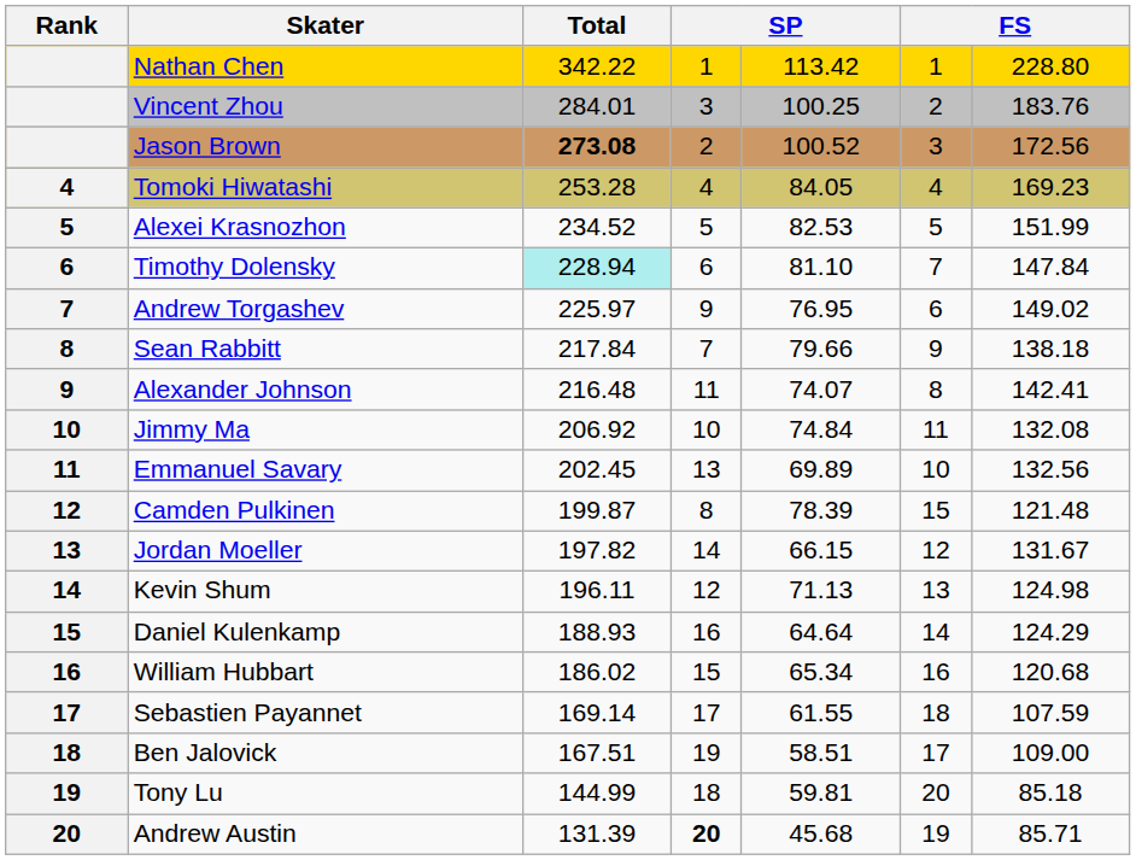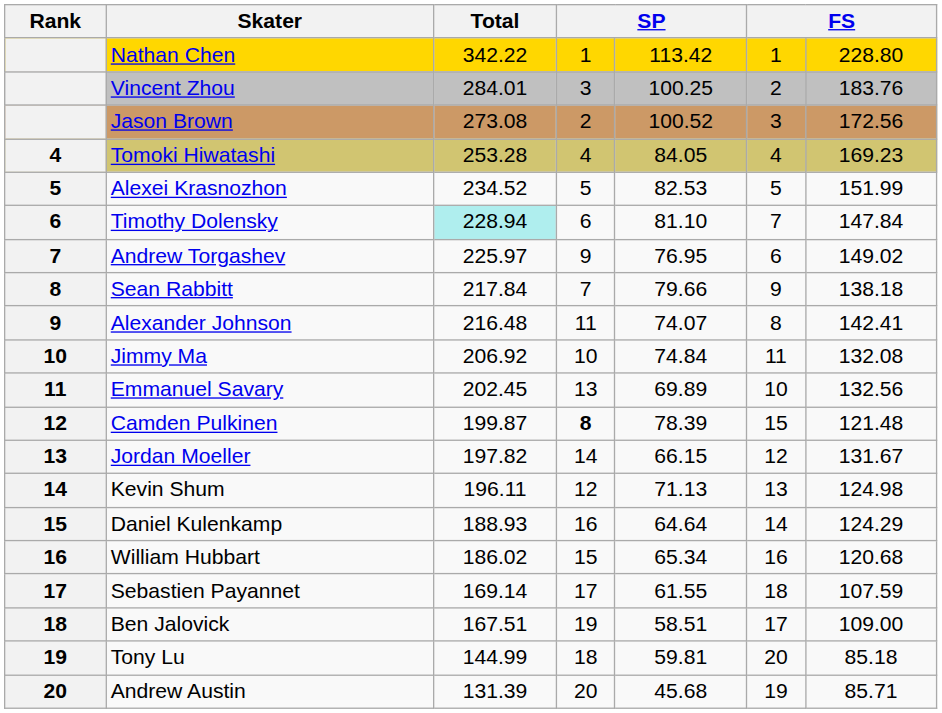 <table class="wikitable sortable" style="text-align:left; width:80%">
 <tr>
 <th scope="col">Rank</th>
 <th scope="col">Skater</th>
 <th scope="col">Total</th>
 <th scope="col" colspan="2" width="80px"><a href='#'>SP</a></th>
 <th scope="col" colspan="2" width="80px"><a href='#'>FS</a></th>
 </tr>
 <tr bgcolor="gold">
 <th scope="row"></th>
 <td><a href='#'>Nathan Chen</a></td>
 <td align="center">342.22</td>
 <td align="center">1</td>
 <td align="center">113.42</td>
 <td align="center">1</td>
 <td align="center">228.80</td>
 </tr>
 <tr bgcolor="silver">
 <th scope="row"></th>
 <td><a href='#'>Vincent Zhou</a></td>
 <td align="center">284.01</td>
 <td align="center">3</td>
 <td align="center">100.25</td>
 <td align="center">2</td>
 <td align="center">183.76</td>
 </tr>
 <tr bgcolor="cc9966">
 <th scope="row"></th>
 <td><a href='#'>Jason Brown</a></td>
-<td align="center"><strong>273.08</strong></td>
+<td align="center">273.08</td>
 <td align="center">2</td>
 <td align="center">100.52</td>
 <td align="center">3</td>
 <td align="center">172.56</td>
 </tr>
 <tr bgcolor="#d1c571">
 <th scope="row">4</th>
 <td><a href='#'>Tomoki Hiwatashi</a></td>
 <td align="center">253.28</td>
 <td align="center">4</td>
 <td align="center">84.05</td>
 <td align="center">4</td>
 <td align="center">169.23</td>
 </tr>
 <tr>
 <th>5</th>
 <td><a href='#'>Alexei Krasnozhon</a></td>
 <td align="center">234.52</td>
 <td align="center">5</td>
 <td align="center">82.53</td>
 <td align="center">5</td>
 <td align="center">151.99</td>
 </tr>
 <tr>
 <th>6</th>
 <td><a href='#'>Timothy Dolensky</a></td>
 <td align="center" style="background: paleturquoise;">228.94</td>
 <td align="center">6</td>
 <td align="center">81.10</td>
 <td align="center">7</td>
 <td align="center">147.84</td>
 </tr>
 <tr>
 <th>7</th>
 <td><a href='#'>Andrew Torgashev</a></td>
 <td align="center">225.97</td>
 <td align="center">9</td>
 <td align="center">76.95</td>
 <td align="center">6</td>
 <td align="center">149.02</td>
 </tr>
 <tr>
 <th>8</th>
 <td><a href='#'>Sean Rabbitt</a></td>
 <td align="center">217.84</td>
 <td align="center">7</td>
 <td align="center">79.66</td>
 <td align="center">9</td>
 <td align="center">138.18</td>
 </tr>
 <tr>
 <th>9</th>
 <td><a href='#'>Alexander Johnson</a></td>
 <td align="center">216.48</td>
 <td align="center">11</td>
 <td align="center">74.07</td>
 <td align="center">8</td>
 <td align="center">142.41</td>
 </tr>
 <tr>
 <th>10</th>
 <td><a href='#'>Jimmy Ma</a></td>
 <td align="center">206.92</td>
 <td align="center">10</td>
 <td align="center">74.84</td>
 <td align="center">11</td>
 <td align="center">132.08</td>
 </tr>
 <tr>
 <th>11</th>
 <td><a href='#'>Emmanuel Savary</a></td>
 <td align="center">202.45</td>
 <td align="center">13</td>
 <td align="center">69.89</td>
 <td align="center">10</td>
 <td align="center">132.56</td>
 </tr>
 <tr>
 <th>12</th>
 <td><a href='#'>Camden Pulkinen</a></td>
 <td align="center">199.87</td>
-<td align="center">8</td>
+<td align="center"><strong>8</strong></td>
 <td align="center">78.39</td>
 <td align="center">15</td>
 <td align="center">121.48</td>
 </tr>
 <tr>
 <th>13</th>
 <td><a href='#'>Jordan Moeller</a></td>
 <td align="center">197.82</td>
 <td align="center">14</td>
 <td align="center">66.15</td>
 <td align="center">12</td>
 <td align="center">131.67</td>
 </tr>
 <tr>
 <th>14</th>
 <td>Kevin Shum</td>
 <td align="center">196.11</td>
 <td align="center">12</td>
 <td align="center">71.13</td>
 <td align="center">13</td>
 <td align="center">124.98</td>
 </tr>
 <tr>
 <th>15</th>
 <td>Daniel Kulenkamp</td>
 <td align="center">188.93</td>
 <td align="center">16</td>
 <td align="center">64.64</td>
 <td align="center">14</td>
 <td align="center">124.29</td>
 </tr>
 <tr>
 <th>16</th>
 <td>William Hubbart</td>
 <td align="center">186.02</td>
 <td align="center">15</td>
 <td align="center">65.34</td>
 <td align="center">16</td>
 <td align="center">120.68</td>
 </tr>
 <tr>
 <th>17</th>
 <td>Sebastien Payannet</td>
 <td align="center">169.14</td>
 <td align="center">17</td>
 <td align="center">61.55</td>
 <td align="center">18</td>
 <td align="center">107.59</td>
 </tr>
 <tr>
 <th>18</th>
 <td>Ben Jalovick</td>
 <td align="center">167.51</td>
 <td align="center">19</td>
 <td align="center">58.51</td>
 <td align="center">17</td>
 <td align="center">109.00</td>
 </tr>
 <tr>
 <th>19</th>
 <td>Tony Lu</td>
 <td align="center">144.99</td>
 <td align="center">18</td>
 <td align="center">59.81</td>
 <td align="center">20</td>
 <td align="center">85.18</td>
 </tr>
 <tr>
 <th>20</th>
 <td>Andrew Austin</td>
 <td align="center">131.39</td>
-<td align="center"><strong>20</strong></td>
+<td align="center">20</td>
 <td align="center">45.68</td>
 <td align="center">19</td>
 <td align="center">85.71</td>
 </tr>
 </table>
